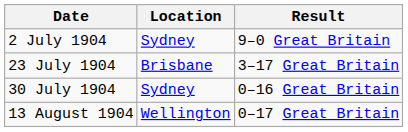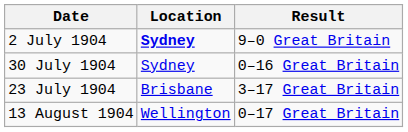 <table class="wikitable" style="align:center;">
 <tr>
 <th>Date</th>
 <th>Location</th>
 <th>Result</th>
 </tr>
 <tr>
 <td>2 July 1904</td>
+<td><strong><a href='#'>Sydney</a></strong></td>
+<td> 9–0 <a href='#'>Great Britain</a> </td>
+</tr>
+<tr>
+<td>30 July 1904</td>
 <td><a href='#'>Sydney</a></td>
-<td> 9–0 <a href='#'>Great Britain</a> </td>
+<td> 0–16 <a href='#'>Great Britain</a> </td>
 </tr>
 <tr>
 <td>23 July 1904</td>
 <td><a href='#'>Brisbane</a></td>
 <td> 3–17 <a href='#'>Great Britain</a> </td>
 </tr>
 <tr>
-<td>30 July 1904</td>
-<td><a href='#'>Sydney</a></td>
-<td> 0–16 <a href='#'>Great Britain</a> </td>
-</tr>
-<tr>
 <td>13 August 1904</td>
 <td><a href='#'>Wellington</a></td>
 <td> 0–17 <a href='#'>Great Britain</a> </td>
 </tr>
 </table>
